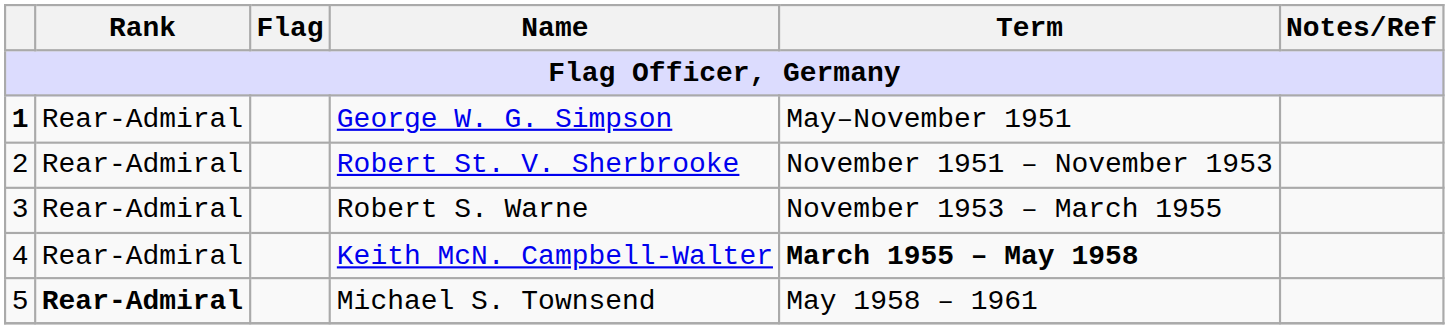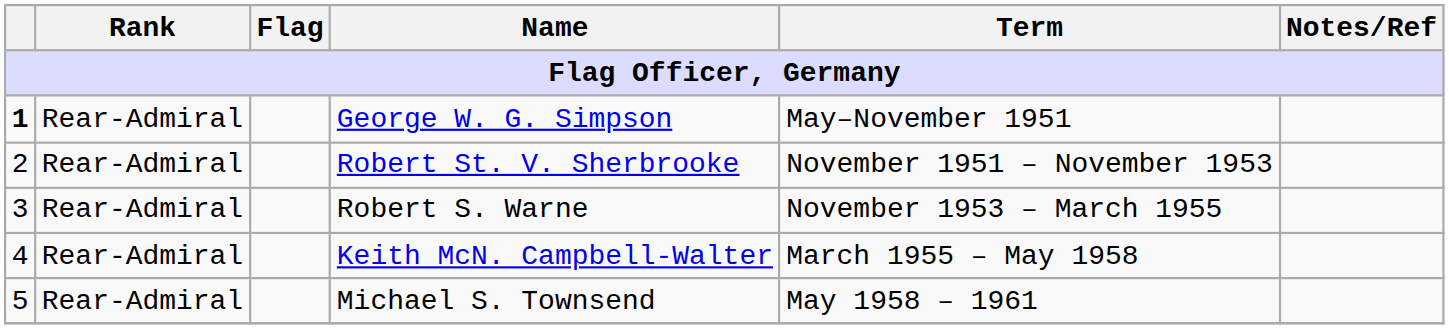 <table class="wikitable">
 <tr>
 <th></th>
 <th>Rank</th>
 <th>Flag</th>
 <th>Name</th>
 <th>Term</th>
 <th>Notes/Ref</th>
 </tr>
 <tr>
 <td colspan="6" align="center" style="background:#dcdcfe;"><strong>Flag Officer, Germany</strong></td>
 </tr>
 <tr>
 <td><strong>1</strong></td>
 <td>Rear-Admiral</td>
 <td></td>
 <td><a href='#'>George W. G. Simpson</a></td>
 <td>May–November 1951</td>
 <td></td>
 </tr>
 <tr>
 <td>2</td>
 <td>Rear-Admiral</td>
 <td></td>
 <td><a href='#'>Robert St. V. Sherbrooke</a></td>
 <td>November 1951 – November 1953</td>
 <td></td>
 </tr>
 <tr>
 <td>3</td>
 <td>Rear-Admiral</td>
 <td></td>
 <td>Robert S. Warne</td>
 <td>November 1953 – March 1955</td>
 <td></td>
 </tr>
 <tr>
 <td>4</td>
 <td>Rear-Admiral</td>
 <td></td>
 <td><a href='#'>Keith McN. Campbell-Walter</a></td>
-<td><strong>March 1955 – May 1958</strong></td>
+<td>March 1955 – May 1958</td>
 <td></td>
 </tr>
 <tr>
 <td>5</td>
-<td><strong>Rear-Admiral</strong></td>
+<td>Rear-Admiral</td>
 <td></td>
 <td>Michael S. Townsend</td>
 <td>May 1958 – 1961</td>
 <td></td>
 </tr>
 <tr>
 </tr>
 </table>
